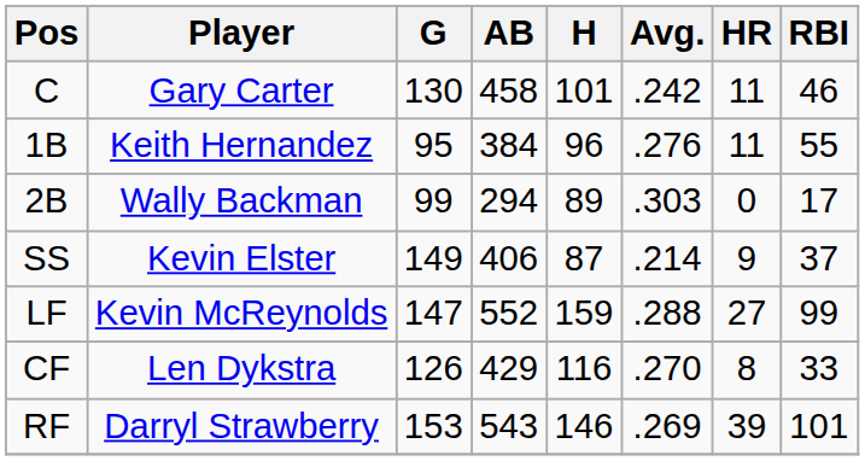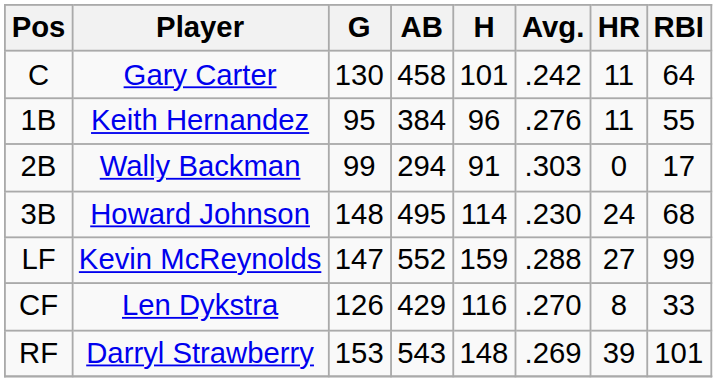 <table class="wikitable sortable">
 <tr>
 <th>Pos</th>
 <th>Player</th>
 <th>G</th>
 <th>AB</th>
 <th>H</th>
 <th>Avg.</th>
 <th>HR</th>
 <th>RBI</th>
 </tr>
 <tr align="center">
 <td>C</td>
 <td><a href='#'>Gary Carter</a></td>
 <td>130</td>
 <td>458</td>
 <td>101</td>
 <td>.242</td>
 <td>11</td>
-<td>46</td>
+<td>64</td>
 </tr>
 <tr align="center">
 <td>1B</td>
 <td><a href='#'>Keith Hernandez</a></td>
 <td>95</td>
 <td>384</td>
 <td>96</td>
 <td>.276</td>
 <td>11</td>
 <td>55</td>
 </tr>
 <tr align="center">
 <td>2B</td>
 <td><a href='#'>Wally Backman</a></td>
 <td>99</td>
 <td>294</td>
-<td>89</td>
+<td>91</td>
 <td>.303</td>
 <td>0</td>
 <td>17</td>
 </tr>
 <tr align="center">
-<td>SS</td>
-<td><a href='#'>Kevin Elster</a></td>
-<td>149</td>
-<td>406</td>
-<td>87</td>
-<td>.214</td>
-<td>9</td>
-<td>37</td>
+<td>3B</td>
+<td><a href='#'>Howard Johnson</a></td>
+<td>148</td>
+<td>495</td>
+<td>114</td>
+<td>.230</td>
+<td>24</td>
+<td>68</td>
 </tr>
 <tr align="center">
 <td>LF</td>
 <td><a href='#'>Kevin McReynolds</a></td>
 <td>147</td>
 <td>552</td>
 <td>159</td>
 <td>.288</td>
 <td>27</td>
 <td>99</td>
 </tr>
 <tr align="center">
 <td>CF</td>
 <td><a href='#'>Len Dykstra</a></td>
 <td>126</td>
 <td>429</td>
 <td>116</td>
 <td>.270</td>
 <td>8</td>
 <td>33</td>
 </tr>
 <tr align="center">
 <td>RF</td>
 <td><a href='#'>Darryl Strawberry</a></td>
 <td>153</td>
 <td>543</td>
-<td>146</td>
+<td>148</td>
 <td>.269</td>
 <td>39</td>
 <td>101</td>
 </tr>
 <tr align="center">
 </tr>
 </table>
